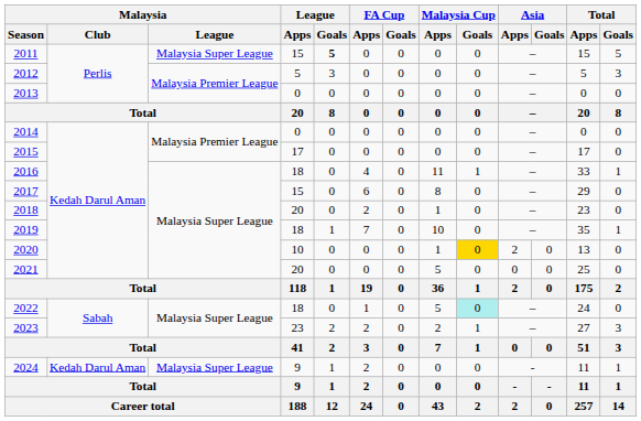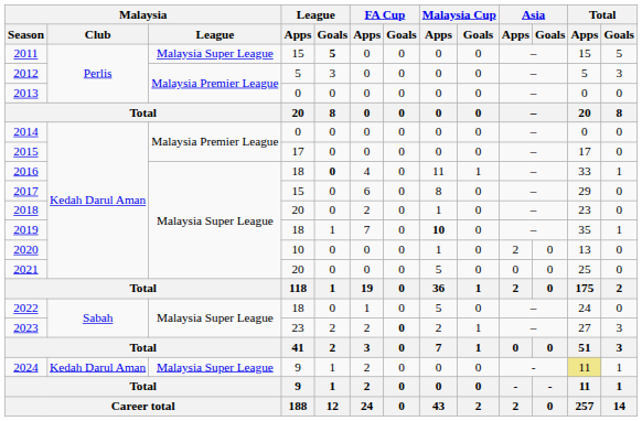 <table class="wikitable" style="text-align:center">
 <tr>
 <th colspan=3>Malaysia</th>
 <th colspan=2>League</th>
 <th colspan=2><a href='#'>FA Cup</a></th>
 <th colspan=2><a href='#'>Malaysia Cup</a></th>
 <th colspan=2><a href='#'>Asia</a></th>
 <th colspan=2>Total</th>
 </tr>
 <tr>
 <th>Season</th>
 <th>Club</th>
 <th>League</th>
 <th>Apps</th>
 <th>Goals</th>
 <th>Apps</th>
 <th>Goals</th>
 <th>Apps</th>
 <th>Goals</th>
 <th>Apps</th>
 <th>Goals</th>
 <th>Apps</th>
 <th>Goals</th>
 </tr>
 <tr>
 <td><a href='#'>2011</a></td>
 <td rowspan="3"><a href='#'>Perlis</a></td>
 <td rowspan="1"><a href='#'>Malaysia Super League</a></td>
 <td>15</td>
 <td><strong>5</strong></td>
 <td>0</td>
 <td>0</td>
 <td>0</td>
 <td>0</td>
 <td colspan="2">–</td>
 <td>15</td>
 <td>5</td>
 </tr>
 <tr>
 <td><a href='#'>2012</a></td>
 <td rowspan="2"><a href='#'>Malaysia Premier League</a></td>
 <td>5</td>
 <td>3</td>
 <td>0</td>
 <td>0</td>
 <td>0</td>
 <td>0</td>
 <td colspan="2">–</td>
 <td>5</td>
 <td>3</td>
 </tr>
 <tr>
 <td><a href='#'>2013</a></td>
 <td>0</td>
 <td>0</td>
 <td>0</td>
 <td>0</td>
 <td>0</td>
 <td>0</td>
 <td colspan="2">–</td>
 <td>0</td>
 <td>0</td>
 </tr>
 <tr>
 <th colspan=3>Total</th>
 <th>20</th>
 <th>8</th>
 <th>0</th>
 <th>0</th>
 <th>0</th>
 <th>0</th>
 <th colspan="2">–</th>
 <th>20</th>
 <th>8</th>
 </tr>
 <tr>
 <td><a href='#'>2014</a></td>
 <td rowspan="8"><a href='#'>Kedah Darul Aman</a></td>
 <td rowspan="2">Malaysia Premier League</td>
 <td>0</td>
 <td>0</td>
 <td>0</td>
 <td>0</td>
 <td>0</td>
 <td>0</td>
 <td colspan="2">–</td>
 <td>0</td>
 <td>0</td>
 </tr>
 <tr>
 <td><a href='#'>2015</a></td>
 <td>17</td>
 <td>0</td>
 <td>0</td>
 <td>0</td>
 <td>0</td>
 <td>0</td>
 <td colspan="2">–</td>
 <td>17</td>
 <td>0</td>
 </tr>
 <tr>
 <td><a href='#'>2016</a></td>
 <td rowspan="6">Malaysia Super League</td>
 <td>18</td>
-<td>0</td>
+<td><strong>0</strong></td>
 <td>4</td>
 <td>0</td>
 <td>11</td>
 <td>1</td>
 <td colspan="2">–</td>
 <td>33</td>
 <td>1</td>
 </tr>
 <tr>
 <td><a href='#'>2017</a></td>
 <td>15</td>
 <td>0</td>
 <td>6</td>
 <td>0</td>
 <td>8</td>
 <td>0</td>
 <td colspan="2">–</td>
 <td>29</td>
 <td>0</td>
 </tr>
 <tr>
 <td><a href='#'>2018</a></td>
 <td>20</td>
 <td>0</td>
 <td>2</td>
 <td>0</td>
 <td>1</td>
 <td>0</td>
 <td colspan="2">–</td>
 <td>23</td>
 <td>0</td>
 </tr>
 <tr>
 <td><a href='#'>2019</a></td>
 <td>18</td>
 <td>1</td>
 <td>7</td>
 <td>0</td>
-<td>10</td>
+<td><strong>10</strong></td>
 <td>0</td>
 <td colspan="2">–</td>
 <td>35</td>
 <td>1</td>
 </tr>
 <tr>
 <td><a href='#'>2020</a></td>
 <td>10</td>
 <td>0</td>
 <td>0</td>
 <td>0</td>
 <td>1</td>
-<td style="background: gold;">0</td>
+<td>0</td>
 <td>2</td>
 <td>0</td>
 <td>13</td>
 <td>0</td>
 </tr>
 <tr>
 <td><a href='#'>2021</a></td>
 <td>20</td>
 <td>0</td>
 <td>0</td>
 <td>0</td>
 <td>5</td>
 <td>0</td>
 <td>0</td>
 <td>0</td>
 <td>25</td>
 <td>0</td>
 </tr>
 <tr>
 <th colspan=3>Total</th>
 <th>118</th>
 <th>1</th>
 <th>19</th>
 <th>0</th>
 <th>36</th>
 <th>1</th>
 <th>2</th>
 <th>0</th>
 <th>175</th>
 <th>2</th>
 </tr>
 <tr>
 <td><a href='#'>2022</a></td>
 <td rowspan="2"><a href='#'>Sabah</a></td>
 <td rowspan="2">Malaysia Super League</td>
 <td>18</td>
 <td>0</td>
 <td>1</td>
 <td>0</td>
 <td>5</td>
-<td style="background: paleturquoise;">0</td>
+<td>0</td>
 <td colspan="2">–</td>
 <td>24</td>
 <td>0</td>
 </tr>
 <tr>
 <td><a href='#'>2023</a></td>
 <td>23</td>
 <td>2</td>
 <td>2</td>
-<td>0</td>
+<td><strong>0</strong></td>
 <td>2</td>
 <td>1</td>
 <td colspan="2">–</td>
 <td>27</td>
 <td>3</td>
 </tr>
 <tr>
 <th colspan=3>Total</th>
 <th>41</th>
 <th>2</th>
 <th>3</th>
 <th>0</th>
 <th>7</th>
 <th>1</th>
 <th>0</th>
 <th>0</th>
 <th>51</th>
 <th>3</th>
 </tr>
 <tr>
 <td><a href='#'>2024</a></td>
 <td><a href='#'>Kedah Darul Aman</a></td>
 <td><a href='#'>Malaysia Super League</a></td>
 <td>9</td>
 <td>1</td>
 <td>2</td>
 <td>0</td>
 <td>0</td>
 <td>0</td>
 <td colspan="2">-</td>
-<td>11</td>
+<td style="background: khaki;">11</td>
 <td>1</td>
 </tr>
 <tr>
 <th colspan=3>Total</th>
 <th>9</th>
 <th>1</th>
 <th>2</th>
 <th>0</th>
 <th>0</th>
 <th>0</th>
 <th>-</th>
 <th>-</th>
 <th>11</th>
 <th>1</th>
 </tr>
 <tr>
 <th colspan=3>Career total</th>
 <th>188</th>
 <th>12</th>
 <th>24</th>
 <th>0</th>
 <th>43</th>
 <th>2</th>
 <th>2</th>
 <th>0</th>
 <th>257</th>
 <th>14</th>
 </tr>
 </table>
